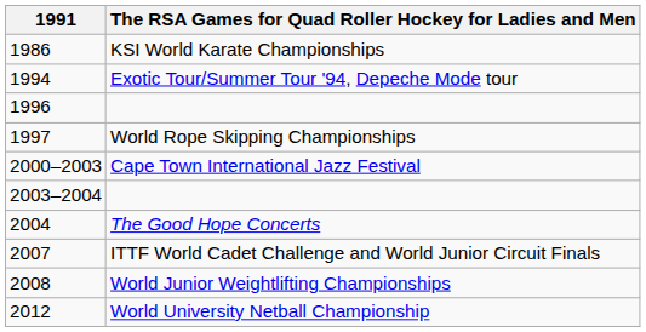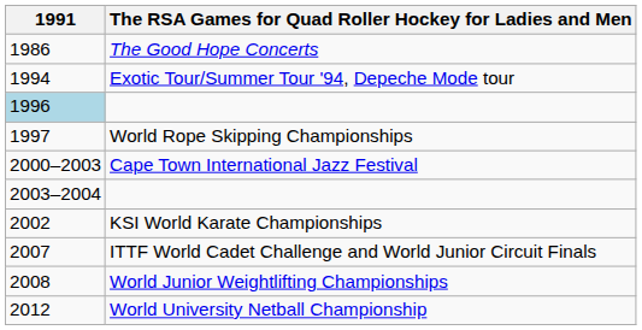 <table class="wikitable">
 <tr>
 <th>1991</th>
 <th>The RSA Games for Quad Roller Hockey for Ladies and Men</th>
 </tr>
 <tr>
 <td>1986</td>
-<td>KSI World Karate Championships</td>
+<td><em><a href='#'>The Good Hope Concerts</a></em></td>
 </tr>
 <tr>
 <td>1994</td>
 <td><a href='#'>Exotic Tour/Summer Tour '94</a>, <a href='#'>Depeche Mode</a> tour</td>
 </tr>
 <tr>
-<td>1996</td>
+<td style="background: lightblue;">1996</td>
 <td></td>
 </tr>
 <tr>
 <td>1997</td>
 <td>World Rope Skipping Championships</td>
 </tr>
 <tr>
 <td>2000–2003</td>
 <td><a href='#'>Cape Town International Jazz Festival</a></td>
 </tr>
 <tr>
 <td>2003–2004</td>
 <td></td>
 </tr>
 <tr>
-<td>2004</td>
-<td><em><a href='#'>The Good Hope Concerts</a></em></td>
+<td>2002</td>
+<td>KSI World Karate Championships</td>
 </tr>
 <tr>
 <td>2007</td>
 <td>ITTF World Cadet Challenge and World Junior Circuit Finals</td>
 </tr>
 <tr>
 <td>2008</td>
 <td><a href='#'>World Junior Weightlifting Championships</a></td>
 </tr>
 <tr>
 <td>2012</td>
 <td><a href='#'>World University Netball Championship</a></td>
 </tr>
 </table>
